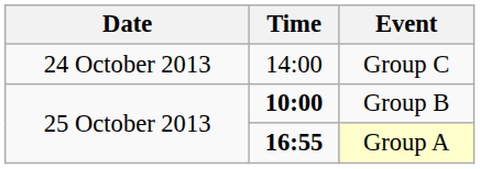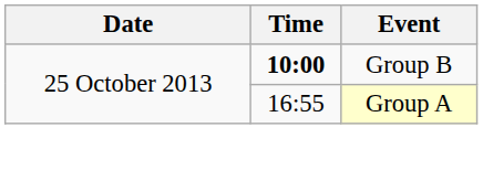 <table class = "wikitable" style="text-align:center;">
 <tr>
 <th width=150>Date</th>
 <th width=50>Time</th>
 <th width=80>Event</th>
 </tr>
 <tr>
-<td>24 October 2013</td>
-<td>14:00</td>
-<td>Group C</td>
-</tr>
-<tr>
 <td rowspan=2>25 October 2013</td>
 <td><strong>10:00</strong></td>
 <td>Group B</td>
 </tr>
 <tr>
-<td><strong>16:55</strong></td>
+<td>16:55</td>
 <td bgcolor=ffffcc>Group A</td>
 </tr>
 </table>
